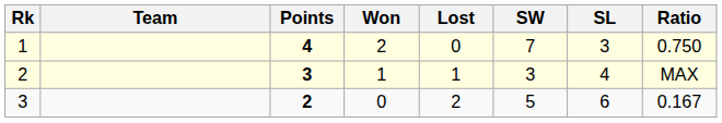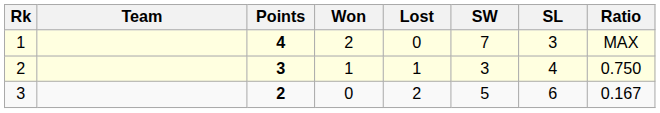 <table class=wikitable style="text-align:center">
 <tr bgcolor="#DCDCDC">
 <th width="25">Rk</th>
 <th width="200">Team</th>
 <th width="60">Points</th>
 <th width="60">Won</th>
 <th width="60">Lost</th>
 <th width="60">SW</th>
 <th width="60">SL</th>
 <th width="60">Ratio</th>
 </tr>
 <tr bgcolor=lightyellow>
 <td>1</td>
 <td align=left></td>
 <td><strong>4</strong></td>
 <td>2</td>
 <td>0</td>
 <td>7</td>
 <td>3</td>
-<td>0.750</td>
+<td>MAX</td>
 </tr>
 <tr bgcolor=lightyellow>
 <td>2</td>
 <td align=left></td>
 <td><strong>3</strong></td>
 <td>1</td>
 <td>1</td>
 <td>3</td>
 <td>4</td>
-<td>MAX</td>
+<td>0.750</td>
 </tr>
 <tr>
 <td>3</td>
 <td align=left></td>
 <td><strong>2</strong></td>
 <td>0</td>
 <td>2</td>
 <td>5</td>
 <td>6</td>
 <td>0.167</td>
 </tr>
 </table>
